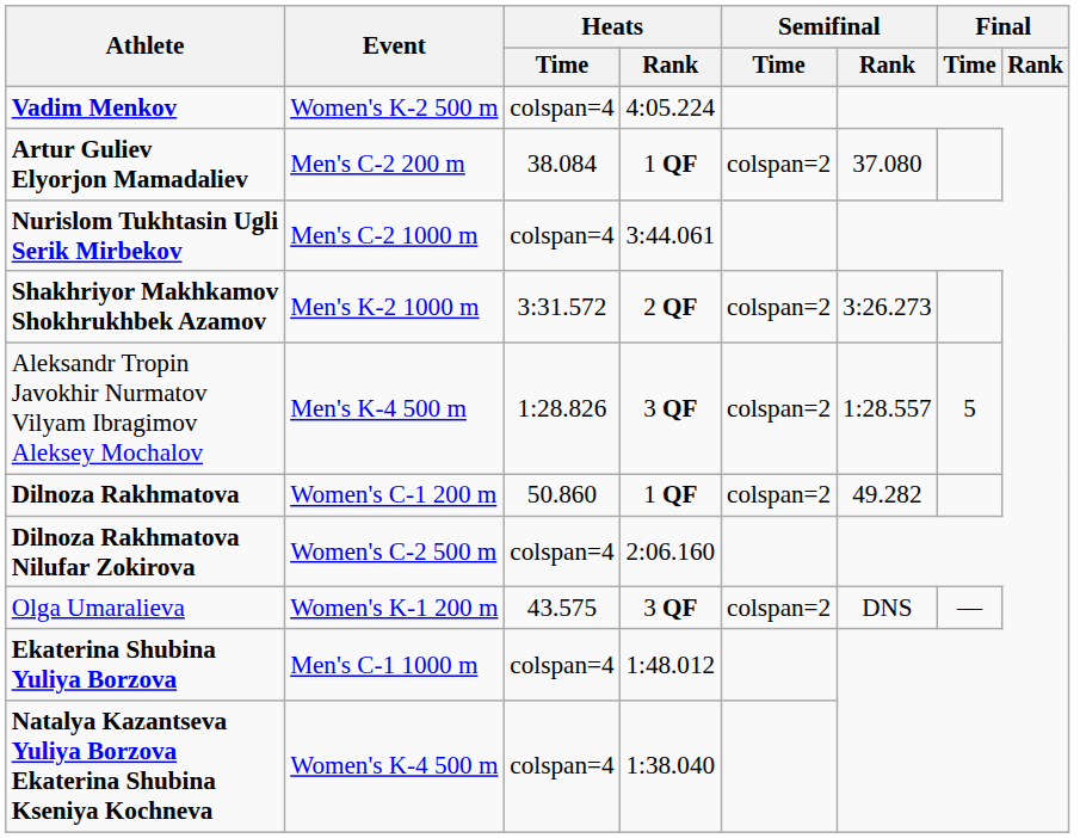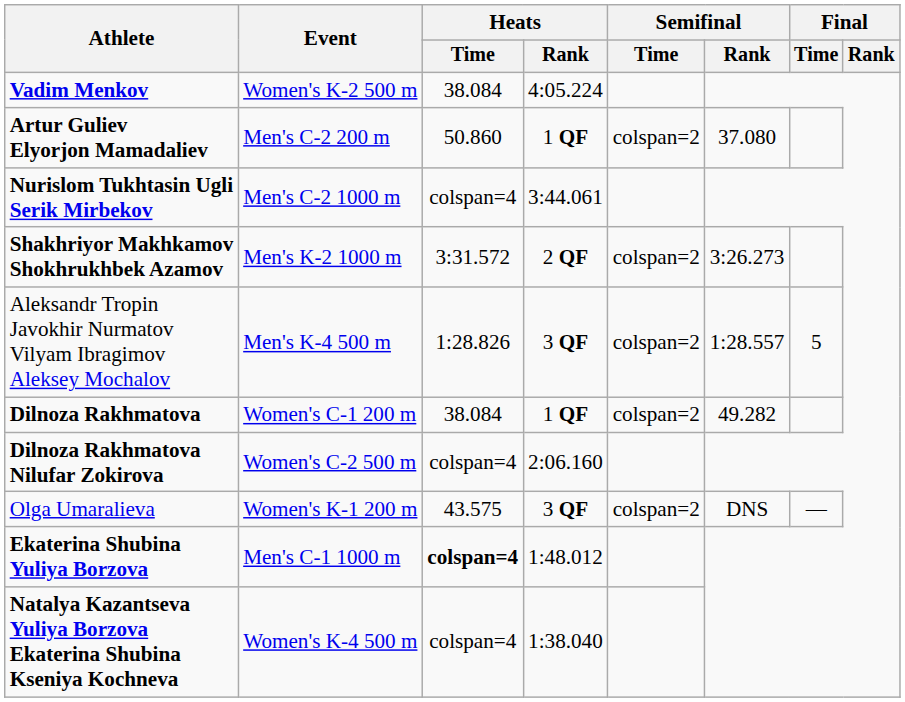 <table class=wikitable style=font-size:90%;text-align:center>
 <tr>
 <th rowspan=2>Athlete</th>
 <th rowspan=2>Event</th>
 <th colspan=2>Heats</th>
 <th colspan=2>Semifinal</th>
 <th colspan=2>Final</th>
 </tr>
 <tr style="font-size:95%">
 <th>Time</th>
 <th>Rank</th>
 <th>Time</th>
 <th>Rank</th>
 <th>Time</th>
 <th>Rank</th>
 </tr>
 <tr>
 <td align=left><strong><a href='#'>Vadim Menkov</a></strong></td>
 <td align=left><a href='#'>Women's K-2 500 m</a></td>
-<td>colspan=4 </td>
+<td>38.084</td>
 <td>4:05.224</td>
 <td></td>
 </tr>
 <tr>
 <td align=left><strong>Artur Guliev<br>Elyorjon Mamadaliev</strong></td>
 <td align=left><a href='#'>Men's C-2 200 m</a></td>
-<td>38.084</td>
+<td>50.860</td>
 <td>1 <strong>QF</strong></td>
 <td>colspan=2 </td>
 <td>37.080</td>
 <td></td>
 </tr>
 <tr>
 <td align=left><strong>Nurislom Tukhtasin Ugli<br><a href='#'>Serik Mirbekov</a></strong></td>
 <td align=left><a href='#'>Men's C-2 1000 m</a></td>
 <td>colspan=4 </td>
 <td>3:44.061</td>
 <td></td>
 </tr>
 <tr>
 <td align=left><strong>Shakhriyor Makhkamov<br>Shokhrukhbek Azamov</strong></td>
 <td align=left><a href='#'>Men's K-2 1000 m</a></td>
 <td>3:31.572</td>
 <td>2 <strong>QF</strong></td>
 <td>colspan=2 </td>
 <td>3:26.273</td>
 <td></td>
 </tr>
 <tr>
 <td align=left>Aleksandr Tropin<br>Javokhir Nurmatov<br>Vilyam Ibragimov<br><a href='#'>Aleksey Mochalov</a></td>
 <td align=left><a href='#'>Men's K-4 500 m</a></td>
 <td>1:28.826</td>
 <td>3 <strong>QF</strong></td>
 <td>colspan=2 </td>
 <td>1:28.557</td>
 <td>5</td>
 </tr>
 <tr>
 <td align=left><strong>Dilnoza Rakhmatova</strong></td>
 <td align=left><a href='#'>Women's C-1 200 m</a></td>
-<td>50.860</td>
+<td>38.084</td>
 <td>1 <strong>QF</strong></td>
 <td>colspan=2 </td>
 <td>49.282</td>
 <td></td>
 </tr>
 <tr>
 <td align=left><strong>Dilnoza Rakhmatova<br>Nilufar Zokirova</strong></td>
 <td align=left><a href='#'>Women's C-2 500 m</a></td>
 <td>colspan=4 </td>
 <td>2:06.160</td>
 <td></td>
 </tr>
 <tr>
 <td align=left><a href='#'>Olga Umaralieva</a></td>
 <td align=left><a href='#'>Women's K-1 200 m</a></td>
 <td>43.575</td>
 <td>3 <strong>QF</strong></td>
 <td>colspan=2 </td>
 <td>DNS</td>
 <td>—</td>
 </tr>
 <tr>
 <td align=left><strong>Ekaterina Shubina<br><a href='#'>Yuliya Borzova</a></strong></td>
 <td align=left><a href='#'>Men's C-1 1000 m</a></td>
-<td>colspan=4 </td>
+<td><strong>colspan=4 </strong></td>
 <td>1:48.012</td>
 <td></td>
 </tr>
 <tr>
 <td align=left><strong>Natalya Kazantseva<br><a href='#'>Yuliya Borzova</a><br>Ekaterina Shubina<br>Kseniya Kochneva</strong></td>
 <td align=left><a href='#'>Women's K-4 500 m</a></td>
 <td>colspan=4 </td>
 <td>1:38.040</td>
 <td></td>
 </tr>
 </table>
